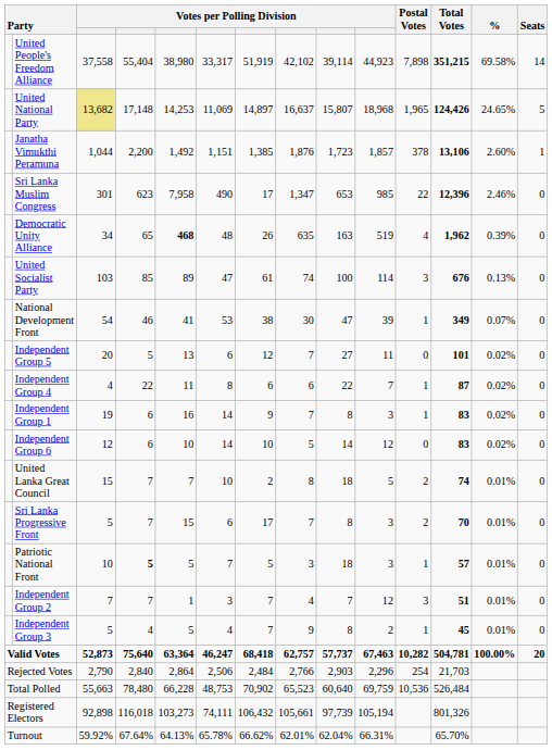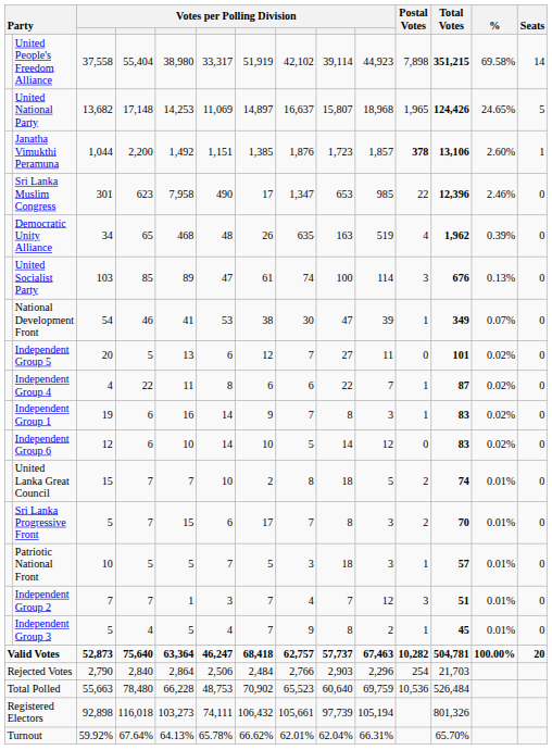 <table class="wikitable" border="1" style="text-align:right;">
 <tr>
 <th style="text-align:left; vertical-align:bottom;" rowspan="2" colspan="2">Party</th>
 <th colspan=8>Votes per Polling Division</th>
 <th rowspan="2" style="vertical-align:bottom; text-align:center; width:50px;">Postal<br>Votes</th>
 <th rowspan="2" style="vertical-align:bottom; text-align:center; width:50px;">Total Votes</th>
 <th rowspan="2" style="vertical-align:bottom; text-align:center; width:50px;">%</th>
 <th rowspan="2" style="vertical-align:bottom; text-align:center; width:40px;">Seats</th>
 </tr>
 <tr>
 <th></th>
 <th></th>
 <th></th>
 <th></th>
 <th></th>
 <th></th>
 <th></th>
 <th></th>
 </tr>
 <tr>
 <td bgcolor=> </td>
 <td align=left><a href='#'>United People's Freedom Alliance</a> </td>
 <td>37,558</td>
 <td>55,404</td>
 <td>38,980</td>
 <td>33,317</td>
 <td>51,919</td>
 <td>42,102</td>
 <td>39,114</td>
 <td>44,923</td>
 <td>7,898</td>
 <td><strong>351,215</strong></td>
 <td>69.58%</td>
 <td>14</td>
 </tr>
 <tr>
 <td bgcolor=> </td>
 <td align=left><a href='#'>United National Party</a></td>
-<td style="background: khaki;">13,682</td>
+<td>13,682</td>
 <td>17,148</td>
 <td>14,253</td>
 <td>11,069</td>
 <td>14,897</td>
 <td>16,637</td>
 <td>15,807</td>
 <td>18,968</td>
 <td>1,965</td>
 <td><strong>124,426</strong></td>
 <td>24.65%</td>
 <td>5</td>
 </tr>
 <tr>
 <td bgcolor=> </td>
 <td align=left><a href='#'>Janatha Vimukthi Peramuna</a></td>
 <td>1,044</td>
 <td>2,200</td>
 <td>1,492</td>
 <td>1,151</td>
 <td>1,385</td>
 <td>1,876</td>
 <td>1,723</td>
 <td>1,857</td>
-<td>378</td>
+<td><strong>378</strong></td>
 <td><strong>13,106</strong></td>
 <td>2.60%</td>
 <td>1</td>
 </tr>
 <tr>
 <td bgcolor=> </td>
 <td align=left><a href='#'>Sri Lanka Muslim Congress</a></td>
 <td>301</td>
 <td>623</td>
 <td>7,958</td>
 <td>490</td>
 <td>17</td>
 <td>1,347</td>
 <td>653</td>
 <td>985</td>
 <td>22</td>
 <td><strong>12,396</strong></td>
 <td>2.46%</td>
 <td>0</td>
 </tr>
 <tr>
 <td bgcolor=> </td>
 <td align=left><a href='#'>Democratic Unity Alliance</a></td>
 <td>34</td>
 <td>65</td>
-<td><strong>468</strong></td>
+<td>468</td>
 <td>48</td>
 <td>26</td>
 <td>635</td>
 <td>163</td>
 <td>519</td>
 <td>4</td>
 <td><strong>1,962</strong></td>
 <td>0.39%</td>
 <td>0</td>
 </tr>
 <tr>
 <td bgcolor=> </td>
 <td align=left><a href='#'>United Socialist Party</a></td>
 <td>103</td>
 <td>85</td>
 <td>89</td>
 <td>47</td>
 <td>61</td>
 <td>74</td>
 <td>100</td>
 <td>114</td>
 <td>3</td>
 <td><strong>676</strong></td>
 <td>0.13%</td>
 <td>0</td>
 </tr>
 <tr>
 <td bgcolor=> </td>
 <td align=left>National Development Front</td>
 <td>54</td>
 <td>46</td>
 <td>41</td>
 <td>53</td>
 <td>38</td>
 <td>30</td>
 <td>47</td>
 <td>39</td>
 <td>1</td>
 <td><strong>349</strong></td>
 <td>0.07%</td>
 <td>0</td>
 </tr>
 <tr>
 <td bgcolor=> </td>
 <td align=left><a href='#'>Independent Group 5</a></td>
 <td>20</td>
 <td>5</td>
 <td>13</td>
 <td>6</td>
 <td>12</td>
 <td>7</td>
 <td>27</td>
 <td>11</td>
 <td>0</td>
 <td><strong>101</strong></td>
 <td>0.02%</td>
 <td>0</td>
 </tr>
 <tr>
 <td bgcolor=> </td>
 <td align=left><a href='#'>Independent Group 4</a></td>
 <td>4</td>
 <td>22</td>
 <td>11</td>
 <td>8</td>
 <td>6</td>
 <td>6</td>
 <td>22</td>
 <td>7</td>
 <td>1</td>
 <td><strong>87</strong></td>
 <td>0.02%</td>
 <td>0</td>
 </tr>
 <tr>
 <td bgcolor=> </td>
 <td align=left><a href='#'>Independent Group 1</a></td>
 <td>19</td>
 <td>6</td>
 <td>16</td>
 <td>14</td>
 <td>9</td>
 <td>7</td>
 <td>8</td>
 <td>3</td>
 <td>1</td>
 <td><strong>83</strong></td>
 <td>0.02%</td>
 <td>0</td>
 </tr>
 <tr>
 <td bgcolor=> </td>
 <td align=left><a href='#'>Independent Group 6</a></td>
 <td>12</td>
 <td>6</td>
 <td>10</td>
 <td>14</td>
 <td>10</td>
 <td>5</td>
 <td>14</td>
 <td>12</td>
 <td>0</td>
 <td><strong>83</strong></td>
 <td>0.02%</td>
 <td>0</td>
 </tr>
 <tr>
 <td bgcolor=> </td>
 <td align=left>United Lanka Great Council</td>
 <td>15</td>
 <td>7</td>
 <td>7</td>
 <td>10</td>
 <td>2</td>
 <td>8</td>
 <td>18</td>
 <td>5</td>
 <td>2</td>
 <td><strong>74</strong></td>
 <td>0.01%</td>
 <td>0</td>
 </tr>
 <tr>
 <td bgcolor=> </td>
 <td align=left><a href='#'>Sri Lanka Progressive Front</a></td>
 <td>5</td>
 <td>7</td>
 <td>15</td>
 <td>6</td>
 <td>17</td>
 <td>7</td>
 <td>8</td>
 <td>3</td>
 <td>2</td>
 <td><strong>70</strong></td>
 <td>0.01%</td>
 <td>0</td>
 </tr>
 <tr>
 <td bgcolor=> </td>
 <td align=left>Patriotic National Front</td>
 <td>10</td>
-<td><strong>5</strong></td>
+<td>5</td>
 <td>5</td>
 <td>7</td>
 <td>5</td>
 <td>3</td>
 <td>18</td>
 <td>3</td>
 <td>1</td>
 <td><strong>57</strong></td>
 <td>0.01%</td>
 <td>0</td>
 </tr>
 <tr>
 <td bgcolor=> </td>
 <td align=left><a href='#'>Independent Group 2</a></td>
 <td>7</td>
 <td>7</td>
 <td>1</td>
 <td>3</td>
 <td>7</td>
 <td>4</td>
 <td>7</td>
 <td>12</td>
 <td>3</td>
 <td><strong>51</strong></td>
 <td>0.01%</td>
 <td>0</td>
 </tr>
 <tr>
 <td bgcolor=> </td>
 <td align=left><a href='#'>Independent Group 3</a></td>
 <td>5</td>
 <td>4</td>
 <td>5</td>
 <td>4</td>
 <td>7</td>
 <td>9</td>
 <td>8</td>
 <td>2</td>
 <td>1</td>
 <td><strong>45</strong></td>
 <td>0.01%</td>
 <td>0</td>
 </tr>
 <tr>
 <td align=left colspan="2"><strong>Valid Votes</strong></td>
 <td><strong>52,873</strong></td>
 <td><strong>75,640</strong></td>
 <td><strong>63,364</strong></td>
 <td><strong>46,247</strong></td>
 <td><strong>68,418</strong></td>
 <td><strong>62,757</strong></td>
 <td><strong>57,737</strong></td>
 <td><strong>67,463</strong></td>
 <td><strong>10,282</strong></td>
 <td><strong>504,781</strong></td>
 <td><strong>100.00%</strong></td>
 <td><strong>20</strong></td>
 </tr>
 <tr>
 <td align=left colspan="2">Rejected Votes</td>
 <td>2,790</td>
 <td>2,840</td>
 <td>2,864</td>
 <td>2,506</td>
 <td>2,484</td>
 <td>2,766</td>
 <td>2,903</td>
 <td>2,296</td>
 <td>254</td>
 <td>21,703</td>
 <td></td>
 <td></td>
 </tr>
 <tr>
 <td align=left colspan="2">Total Polled</td>
 <td>55,663</td>
 <td>78,480</td>
 <td>66,228</td>
 <td>48,753</td>
 <td>70,902</td>
 <td>65,523</td>
 <td>60,640</td>
 <td>69,759</td>
 <td>10,536</td>
 <td>526,484</td>
 <td></td>
 <td></td>
 </tr>
 <tr>
 <td align=left colspan="2">Registered Electors</td>
 <td>92,898</td>
 <td>116,018</td>
 <td>103,273</td>
 <td>74,111</td>
 <td>106,432</td>
 <td>105,661</td>
 <td>97,739</td>
 <td>105,194</td>
 <td></td>
 <td>801,326</td>
 <td></td>
 <td></td>
 </tr>
 <tr>
 <td align=left colspan="2">Turnout</td>
 <td>59.92%</td>
 <td>67.64%</td>
 <td>64.13%</td>
 <td>65.78%</td>
 <td>66.62%</td>
 <td>62.01%</td>
 <td>62.04%</td>
 <td>66.31%</td>
 <td></td>
 <td>65.70%</td>
 <td></td>
 <td></td>
 </tr>
 </table>
